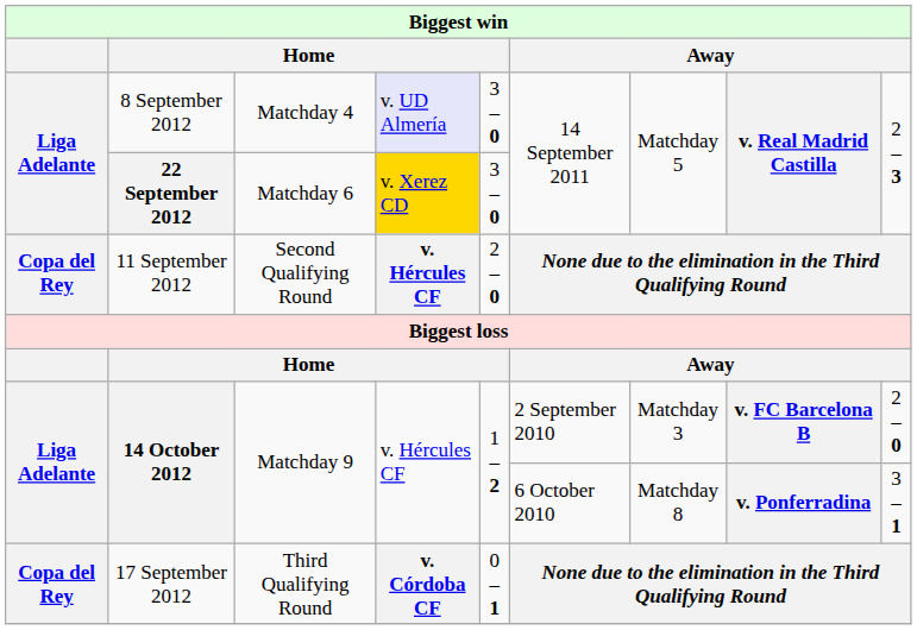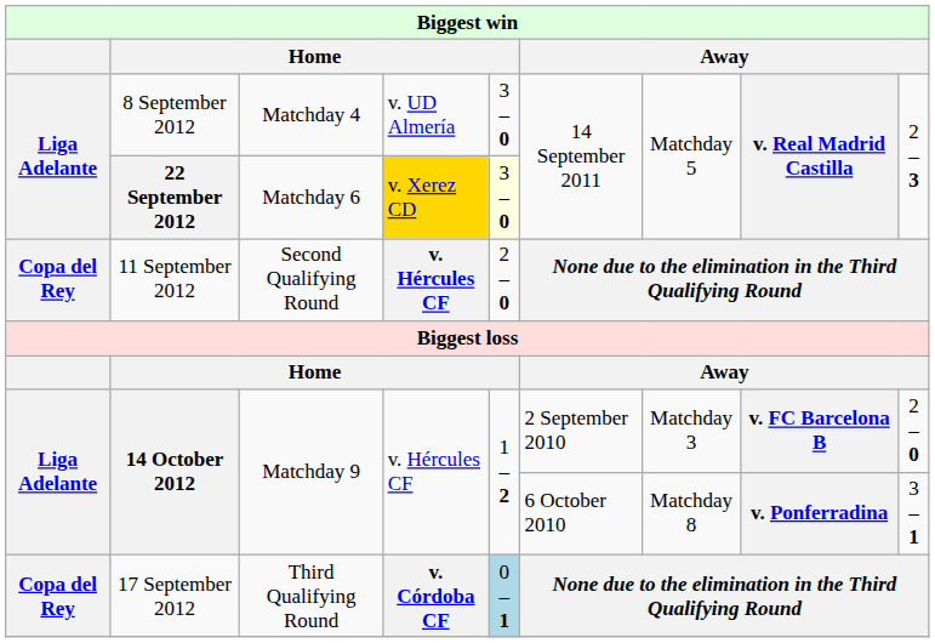 <table class="wikitable" style="font-size: 85%">
 <tr>
 <td bgcolor="#ddffdd" align="center" colspan="11"><strong>Biggest win</strong></td>
 </tr>
 <tr>
 <th></th>
 <th colspan="4">Home</th>
 <th colspan="4">Away</th>
 </tr>
 <tr>
 <th rowspan="2"><a href='#'>Liga Adelante</a></th>
 <td align="center">8 September 2012</td>
 <td align="center">Matchday 4</td>
-<td style="background: lavender;">v. <a href='#'>UD Almería</a></td>
+<td>v. <a href='#'>UD Almería</a></td>
 <td align="center">3 – <strong>0</strong></td>
 <td style="text-align:center;" rowspan="2">14 September 2011</td>
 <td style="text-align:center;" rowspan="2">Matchday 5</td>
 <th rowspan="2">v. <a href='#'>Real Madrid Castilla</a></th>
 <td style="text-align:center;" rowspan="2">2 – <strong>3</strong></td>
 </tr>
 <tr>
 <th align="center">22 September 2012</th>
 <td align="center">Matchday 6</td>
 <td style="background: gold;">v. <a href='#'>Xerez CD</a></td>
-<td align="center">3 – <strong>0</strong></td>
+<td align="center" style="background: lightyellow;">3 – <strong>0</strong></td>
 </tr>
 <tr>
 <th><a href='#'>Copa del Rey</a></th>
 <td align="center">11 September 2012</td>
 <td align="center">Second Qualifying Round</td>
 <th>v. <a href='#'>Hércules CF</a></th>
 <td align="center">2 – <strong>0</strong></td>
 <th colspan="4"><em>None due to the elimination in the Third Qualifying Round</em></th>
 </tr>
 <tr>
 <td bgcolor="#ffdddd" align="center" colspan="11"><strong>Biggest loss</strong></td>
 </tr>
 <tr>
 <th></th>
 <th colspan="4">Home</th>
 <th colspan="4">Away</th>
 </tr>
 <tr>
 <th rowspan="2"><a href='#'>Liga Adelante</a></th>
 <th align="center" rowspan="2">14 October 2012</th>
 <td align="center" rowspan="2">Matchday 9</td>
 <td rowspan="2">v. <a href='#'>Hércules CF</a></td>
 <td align="center" rowspan="2">1 – <strong>2</strong></td>
 <td>2 September 2010</td>
 <td align="center">Matchday 3</td>
 <th>v. <a href='#'>FC Barcelona B</a></th>
 <td align="center">2 – <strong>0</strong></td>
 </tr>
 <tr>
 <td>6 October 2010</td>
 <td align="center">Matchday 8</td>
 <th>v. <a href='#'>Ponferradina</a></th>
 <td align="center">3 – <strong>1</strong></td>
 </tr>
 <tr>
 <th><a href='#'>Copa del Rey</a></th>
 <td align="center">17 September 2012</td>
 <td align="center">Third Qualifying Round</td>
 <th>v. <a href='#'>Córdoba CF</a></th>
-<td align="center">0 – <strong>1</strong></td>
+<td align="center" style="background: lightblue;">0 – <strong>1</strong></td>
 <th colspan="4"><em>None due to the elimination in the Third Qualifying Round</em></th>
 </tr>
 <tr>
 </tr>
 </table>
